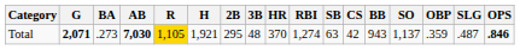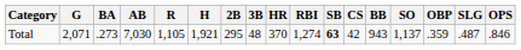 <table class="wikitable">
 <tr>
 <th>Category</th>
 <th>G</th>
 <th>BA</th>
 <th>AB</th>
 <th>R</th>
 <th>H</th>
 <th>2B</th>
 <th>3B</th>
 <th>HR</th>
 <th>RBI</th>
 <th>SB</th>
 <th>CS</th>
 <th>BB</th>
 <th>SO</th>
 <th>OBP</th>
 <th>SLG</th>
 <th>OPS</th>
 </tr>
 <tr>
 <td>Total</td>
-<td><strong>2,071</strong></td>
+<td>2,071</td>
 <td>.273</td>
-<td><strong>7,030</strong></td>
-<td style="background: gold;">1,105</td>
+<td>7,030</td>
+<td>1,105</td>
 <td>1,921</td>
 <td>295</td>
 <td>48</td>
 <td>370</td>
 <td>1,274</td>
-<td>63</td>
+<td><strong>63</strong></td>
 <td>42</td>
 <td>943</td>
 <td>1,137</td>
 <td>.359</td>
 <td>.487</td>
-<td><strong>.846</strong></td>
+<td>.846</td>
 </tr>
 </table>
